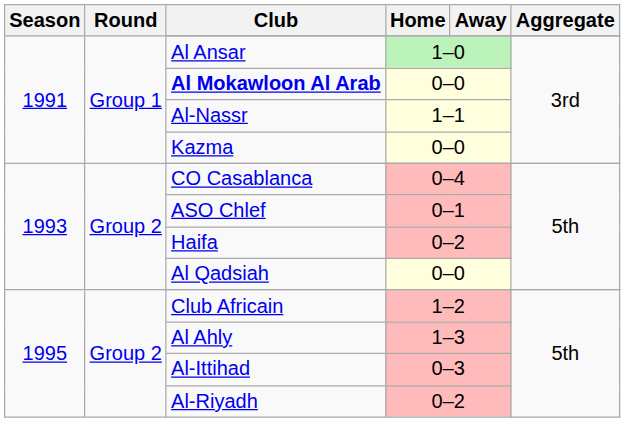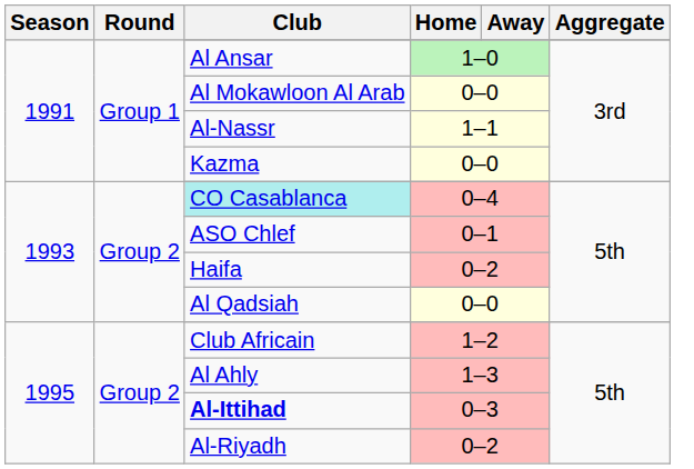 <table class="wikitable" style="text-align:left">
 <tr>
 <th>Season</th>
 <th>Round</th>
 <th>Club</th>
 <th>Home</th>
 <th>Away</th>
 <th>Aggregate</th>
 </tr>
 <tr>
 <td align="center" rowspan="5"><a href='#'>1991</a></td>
 <td rowspan="5"><a href='#'>Group 1</a></td>
 </tr>
 <tr>
 <td> <a href='#'>Al Ansar</a></td>
 <td align="center" colspan="2" style="background: #BBF3BB;">1–0</td>
 <td style="text-align:center;" rowspan="4">3rd</td>
 </tr>
 <tr>
-<td><strong> <a href='#'>Al Mokawloon Al Arab</a></strong></td>
+<td> <a href='#'>Al Mokawloon Al Arab</a></td>
 <td align="center" colspan="2" style="background:#ffd;">0–0</td>
 </tr>
 <tr>
 <td> <a href='#'>Al-Nassr</a></td>
 <td align="center" colspan="2" style="background:#ffd;">1–1</td>
 </tr>
 <tr>
 <td> <a href='#'>Kazma</a></td>
 <td align="center" colspan="2" style="background:#ffd;">0–0</td>
 </tr>
 <tr>
 <td align="center" rowspan="5"><a href='#'>1993</a></td>
 <td rowspan="5"><a href='#'>Group 2</a></td>
 </tr>
 <tr>
-<td> <a href='#'>CO Casablanca</a></td>
+<td style="background: paleturquoise;"> <a href='#'>CO Casablanca</a></td>
 <td align="center" colspan="2" style="background: #FFBBBB;">0–4</td>
 <td style="text-align:center;" rowspan="4">5th</td>
 </tr>
 <tr>
 <td> <a href='#'>ASO Chlef</a></td>
 <td align="center" colspan="2" style="background: #FFBBBB;">0–1</td>
 </tr>
 <tr>
 <td> <a href='#'>Haifa</a></td>
 <td align="center" colspan="2" style="background: #FFBBBB;">0–2</td>
 </tr>
 <tr>
 <td> <a href='#'>Al Qadsiah</a></td>
 <td align="center" colspan="2" style="background:#ffd;">0–0</td>
 </tr>
 <tr>
 <td align="center" rowspan="5"><a href='#'>1995</a></td>
 <td rowspan="5"><a href='#'>Group 2</a></td>
 </tr>
 <tr>
 <td> <a href='#'>Club Africain</a></td>
 <td align="center" colspan="2" style="background: #FFBBBB;">1–2</td>
 <td style="text-align:center;" rowspan="4">5th</td>
 </tr>
 <tr>
 <td> <a href='#'>Al Ahly</a></td>
 <td align="center" colspan="2" style="background: #FFBBBB;">1–3</td>
 </tr>
 <tr>
-<td> <a href='#'>Al-Ittihad</a></td>
+<td><strong> <a href='#'>Al-Ittihad</a></strong></td>
 <td align="center" colspan="2" style="background: #FFBBBB;">0–3</td>
 </tr>
 <tr>
 <td> <a href='#'>Al-Riyadh</a></td>
 <td align="center" colspan="2" style="background: #FFBBBB;">0–2</td>
 </tr>
 </table>
